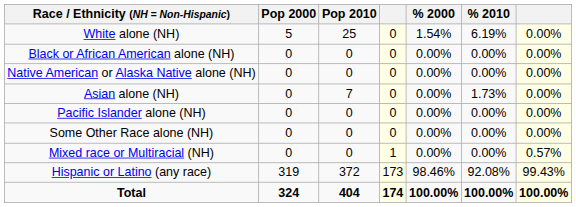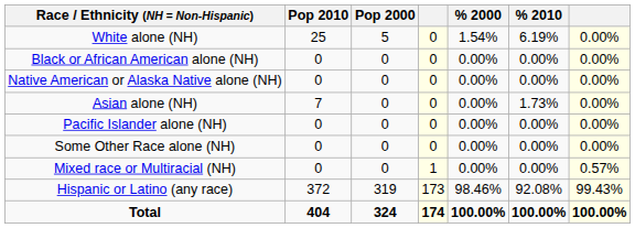 <table class="wikitable" style="text-align:center;">
 <tr>
 <th>Race / Ethnicity <small>(<em>NH = Non-Hispanic</em>)</small></th>
+<th>Pop 2010</th>
 <th>Pop 2000</th>
-<th>Pop 2010</th>
 <th></th>
 <th>% 2000</th>
 <th>% 2010</th>
 <th></th>
 </tr>
 <tr>
 <td><a href='#'>White</a> alone (NH)</td>
+<td>25</td>
 <td>5</td>
-<td>25</td>
 <td style='background: #ffffe6;'>0</td>
 <td>1.54%</td>
 <td>6.19%</td>
 <td style='background: #ffffe6;'>0.00%</td>
 </tr>
 <tr>
 <td><a href='#'>Black or African American</a> alone (NH)</td>
 <td>0</td>
 <td>0</td>
 <td style='background: #ffffe6;'>0</td>
 <td>0.00%</td>
 <td>0.00%</td>
 <td style='background: #ffffe6;'>0.00%</td>
 </tr>
 <tr>
 <td><a href='#'>Native American</a> or <a href='#'>Alaska Native</a> alone (NH)</td>
 <td>0</td>
 <td>0</td>
 <td style='background: #ffffe6;'>0</td>
 <td>0.00%</td>
 <td>0.00%</td>
 <td style='background: #ffffe6;'>0.00%</td>
 </tr>
 <tr>
 <td><a href='#'>Asian</a> alone (NH)</td>
+<td>7</td>
 <td>0</td>
-<td>7</td>
 <td style='background: #ffffe6;'>0</td>
 <td>0.00%</td>
 <td>1.73%</td>
 <td style='background: #ffffe6;'>0.00%</td>
 </tr>
 <tr>
 <td><a href='#'>Pacific Islander</a> alone (NH)</td>
 <td>0</td>
 <td>0</td>
 <td style='background: #ffffe6;'>0</td>
 <td>0.00%</td>
 <td>0.00%</td>
 <td style='background: #ffffe6;'>0.00%</td>
 </tr>
 <tr>
 <td>Some Other Race alone (NH)</td>
 <td>0</td>
 <td>0</td>
 <td style='background: #ffffe6;'>0</td>
 <td>0.00%</td>
 <td>0.00%</td>
 <td style='background: #ffffe6;'>0.00%</td>
 </tr>
 <tr>
 <td><a href='#'>Mixed race or Multiracial</a> (NH)</td>
 <td>0</td>
 <td>0</td>
 <td style='background: #ffffe6;'>1</td>
 <td>0.00%</td>
 <td>0.00%</td>
 <td style='background: #ffffe6;'>0.57%</td>
 </tr>
 <tr>
 <td><a href='#'>Hispanic or Latino</a> (any race)</td>
+<td>372</td>
 <td>319</td>
-<td>372</td>
 <td style='background: #ffffe6;'>173</td>
 <td>98.46%</td>
 <td>92.08%</td>
 <td style='background: #ffffe6;'>99.43%</td>
 </tr>
 <tr>
 <td><strong>Total</strong></td>
+<td><strong>404</strong></td>
 <td><strong>324</strong></td>
-<td><strong>404</strong></td>
 <td style='background: #ffffe6;'><strong>174</strong></td>
 <td><strong>100.00%</strong></td>
 <td><strong>100.00%</strong></td>
 <td style='background: #ffffe6;'><strong>100.00%</strong></td>
 </tr>
 </table>
